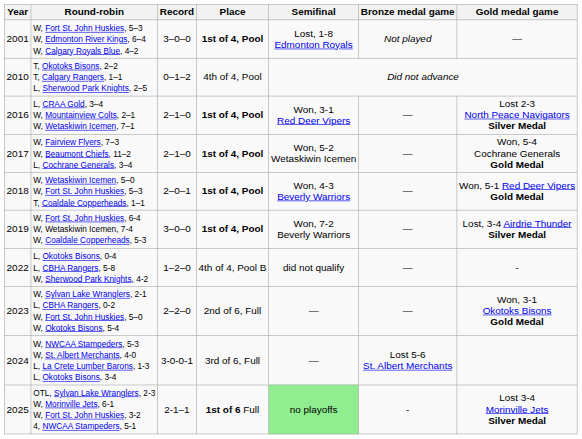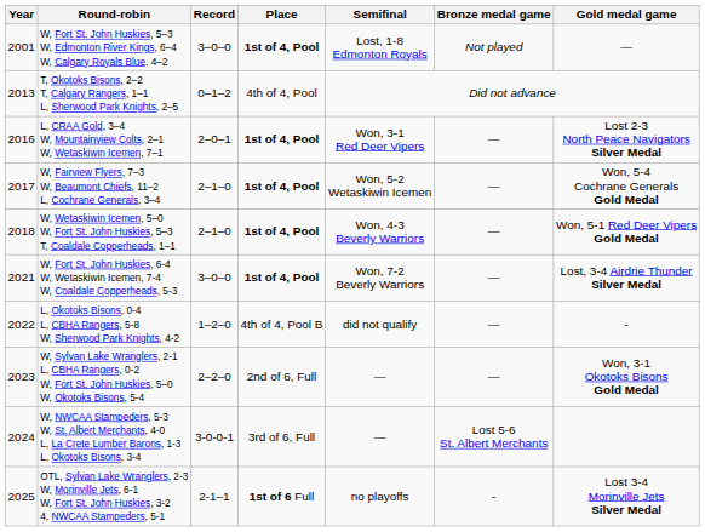 <table class="wikitable" style="text-align:center">
 <tr>
 <th>Year</th>
 <th>Round-robin</th>
 <th>Record</th>
 <th>Place</th>
 <th>Semifinal</th>
 <th>Bronze medal game</th>
 <th>Gold medal game</th>
 </tr>
 <tr>
 <td>2001</td>
 <td align=left><small>W, <a href='#'>Fort St. John Huskies</a>, 5–3<br>W, <a href='#'>Edmonton River Kings</a>, 6–4<br>W, <a href='#'>Calgary Royals Blue</a>, 4–2</small></td>
 <td>3–0–0</td>
 <td><strong>1st of 4, Pool</strong></td>
 <td>Lost, 1-8<br> <a href='#'>Edmonton Royals</a></td>
 <td><em>Not played</em></td>
 <td>—</td>
 </tr>
 <tr>
-<td>2010</td>
+<td>2013</td>
 <td align=left><small> T, <a href='#'>Okotoks Bisons</a>, 2–2<br>T, <a href='#'>Calgary Rangers</a>, 1–1<br>L, <a href='#'>Sherwood Park Knights</a>, 2–5</small></td>
 <td>0–1–2</td>
 <td>4th of 4, Pool</td>
 <td colspan=3><em>Did not advance</em></td>
 </tr>
 <tr>
 <td>2016</td>
 <td align=left><small>L, <a href='#'>CRAA Gold</a>, 3–4<br>W, <a href='#'>Mountainview Colts</a>, 2–1<br>W, <a href='#'>Wetaskiwin Icemen</a>, 7–1</small></td>
-<td>2–1–0</td>
+<td>2–0–1</td>
 <td><strong>1st of 4, Pool</strong></td>
 <td>Won, 3-1<br><a href='#'>Red Deer Vipers</a></td>
 <td>—</td>
 <td>Lost 2-3<br> <a href='#'>North Peace Navigators</a><br><strong>Silver Medal</strong></td>
 </tr>
 <tr>
 <td>2017</td>
 <td align=left><small> W, <a href='#'>Fairview Flyers</a>, 7–3<br>W, <a href='#'>Beaumont Chiefs</a>, 11–2<br>L, <a href='#'>Cochrane Generals</a>, 3–4</small></td>
 <td>2–1–0</td>
 <td><strong>1st of 4, Pool</strong></td>
 <td>Won, 5-2<br> Wetaskiwin Icemen</td>
 <td>—</td>
 <td>Won, 5-4<br>Cochrane Generals<br><strong>Gold Medal</strong></td>
 </tr>
 <tr>
 <td>2018</td>
 <td align=left><small> W, <a href='#'>Wetaskiwin Icemen</a>, 5–0<br>W, <a href='#'>Fort St. John Huskies</a>, 5–3<br>T, <a href='#'>Coaldale Copperheads</a>, 1–1</small></td>
-<td>2–0–1</td>
+<td>2–1–0</td>
 <td><strong>1st of 4, Pool</strong></td>
 <td>Won, 4-3<br> <a href='#'>Beverly Warriors</a></td>
 <td>—</td>
 <td>Won, 5-1 <a href='#'>Red Deer Vipers</a><br><strong>Gold Medal</strong></td>
 </tr>
 <tr>
-<td>2019</td>
+<td>2021</td>
 <td align=left><small> W, <a href='#'>Fort St. John Huskies</a>, 6-4<br>W, Wetaskiwin Icemen, 7-4<br>W, <a href='#'>Coaldale Copperheads</a>, 5-3</small></td>
 <td>3–0–0</td>
 <td><strong>1st of 4, Pool</strong></td>
 <td>Won,  7-2<br> Beverly Warriors</td>
 <td>—</td>
 <td>Lost, 3-4 <a href='#'>Airdrie Thunder</a><br><strong>Silver Medal</strong></td>
 </tr>
 <tr>
 <td>2022</td>
 <td align=left><small> L, <a href='#'>Okotoks Bisons</a>, 0-4<br>L, <a href='#'>CBHA Rangers</a>, 5-8<br>W, <a href='#'>Sherwood Park Knights</a>, 4-2</small></td>
 <td>1–2–0</td>
 <td>4th of 4, Pool B</td>
 <td>did not qualify</td>
 <td>—</td>
 <td>-</td>
 </tr>
 <tr>
 <td>2023</td>
 <td align=left><small> W, <a href='#'>Sylvan Lake Wranglers</a>, 2-1<br>L, <a href='#'>CBHA Rangers</a>, 0-2<br>W, <a href='#'>Fort St. John Huskies</a>, 5–0<br>W, <a href='#'>Okotoks Bisons</a>, 5-4</small></td>
 <td>2–2–0</td>
 <td>2nd of 6, Full</td>
 <td>—</td>
 <td>—</td>
 <td>Won, 3-1<br> <a href='#'>Okotoks Bisons</a><br><strong>Gold Medal</strong></td>
 </tr>
 <tr>
 <td>2024</td>
 <td align=left><small> W, <a href='#'>NWCAA Stampeders</a>, 5-3<br>W, <a href='#'>St. Albert Merchants</a>, 4-0<br>L, <a href='#'>La Crete Lumber Barons</a>, 1-3<br>L, <a href='#'>Okotoks Bisons</a>, 3-4</small></td>
 <td>3-0-0-1</td>
 <td>3rd of 6, Full</td>
 <td>—</td>
 <td>Lost 5-6<br><a href='#'>St. Albert Merchants</a></td>
 <td></td>
 </tr>
 <tr>
 <td>2025</td>
 <td align=left><small> OTL, <a href='#'>Sylvan Lake Wranglers</a>, 2-3<br>W, <a href='#'>Morinville Jets</a>, 6-1<br>W, <a href='#'>Fort St. John Huskies</a>, 3-2<br>4, <a href='#'>NWCAA Stampeders</a>, 5-1</small></td>
 <td>2-1–1</td>
 <td><strong>1st of 6</strong> Full</td>
-<td style="background: lightgreen;">no  playoffs</td>
+<td>no  playoffs</td>
 <td>-</td>
 <td>Lost 3-4 <br><a href='#'>Morinville Jets</a><br><strong>Silver Medal</strong></td>
 </tr>
 </table>
